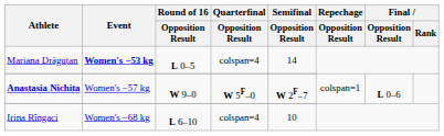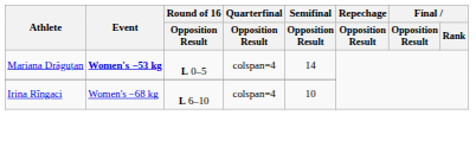 <table class="wikitable" style="font-size:90%">
 <tr>
 <th rowspan=2>Athlete</th>
 <th rowspan=2>Event</th>
 <th>Round of 16</th>
 <th>Quarterfinal</th>
 <th>Semifinal</th>
 <th>Repechage</th>
 <th colspan=2>Final / </th>
 </tr>
 <tr style="font-size: 95%">
 <th>Opposition<br>Result</th>
 <th>Opposition<br>Result</th>
 <th>Opposition<br>Result</th>
 <th>Opposition<br>Result</th>
 <th>Opposition<br>Result</th>
 <th>Rank</th>
 </tr>
 <tr align=center>
 <td align=left><a href='#'>Mariana Drăguțan</a></td>
 <td align=left><strong><a href='#'>Women's −53 kg</a></strong></td>
 <td> <br> <strong>L</strong> 0–5</td>
 <td>colspan=4 </td>
 <td>14</td>
 </tr>
 <tr>
 </tr>
-<tr align=center>
-<td align=left><strong><a href='#'>Anastasia Nichita</a></strong></td>
-<td align=left><a href='#'>Women's −57 kg</a></td>
-<td> <br> <strong>W</strong> 9–0</td>
-<td> <br> <strong>W</strong> 5<sup><strong>F</strong></sup>–0</td>
-<td> <br> <strong>W</strong> 2<sup><strong>F</strong></sup>–7</td>
-<td>colspan=1 </td>
-<td><br><strong>L</strong> 0–6</td>
-<td></td>
-</tr>
 <tr>
 </tr>
 <tr align=center>
 <td align=left><a href='#'>Irina Rîngaci</a></td>
 <td align=left><a href='#'>Women's −68 kg</a></td>
 <td> <br> <strong>L</strong> 6–10</td>
 <td>colspan=4 </td>
 <td>10</td>
 </tr>
 </table>
